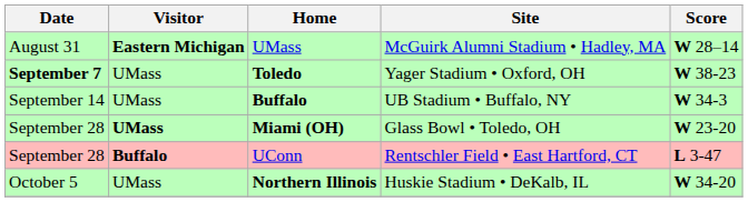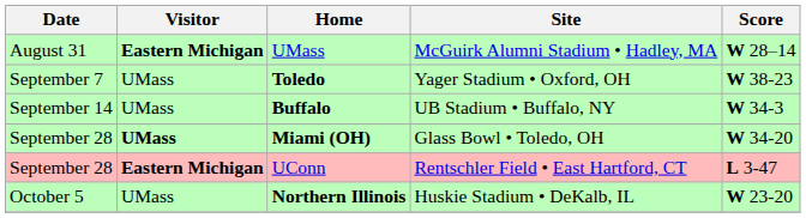 <table class="wikitable">
 <tr>
 <th>Date</th>
 <th>Visitor</th>
 <th>Home</th>
 <th>Site</th>
 <th>Score</th>
 </tr>
 <tr style="background:#bfb;">
 <td>August 31</td>
 <td><strong>Eastern Michigan</strong></td>
 <td><a href='#'>UMass</a></td>
 <td><a href='#'>McGuirk Alumni Stadium</a> • <a href='#'>Hadley, MA</a></td>
 <td><strong>W</strong> 28–14</td>
 </tr>
 <tr style="background:#bfb;">
-<td><strong>September 7</strong></td>
+<td>September 7</td>
 <td>UMass</td>
 <td><strong>Toledo</strong></td>
 <td>Yager Stadium • Oxford, OH</td>
 <td><strong>W</strong> 38-23</td>
 </tr>
 <tr style="background:#bfb;">
 <td>September 14</td>
 <td>UMass</td>
 <td><strong>Buffalo</strong></td>
 <td>UB Stadium • Buffalo, NY</td>
 <td><strong>W</strong> 34-3</td>
 </tr>
 <tr style="background:#bfb;">
 <td>September 28</td>
 <td><strong>UMass</strong></td>
 <td><strong>Miami (OH)</strong></td>
 <td>Glass Bowl • Toledo, OH</td>
-<td><strong>W</strong> 23-20</td>
+<td><strong>W</strong> 34-20</td>
 </tr>
 <tr style="background:#fbb">
 <td>September 28</td>
-<td><strong>Buffalo</strong></td>
+<td><strong>Eastern Michigan</strong></td>
 <td><a href='#'>UConn</a></td>
 <td><a href='#'>Rentschler Field</a> • <a href='#'>East Hartford, CT</a></td>
 <td><strong>L</strong> 3-47</td>
 </tr>
 <tr style="background:#bfb;">
 <td>October 5</td>
 <td>UMass</td>
 <td><strong>Northern Illinois</strong></td>
 <td>Huskie Stadium • DeKalb, IL</td>
-<td><strong>W</strong> 34-20</td>
+<td><strong>W</strong> 23-20</td>
 </tr>
 <tr>
 </tr>
 </table>
